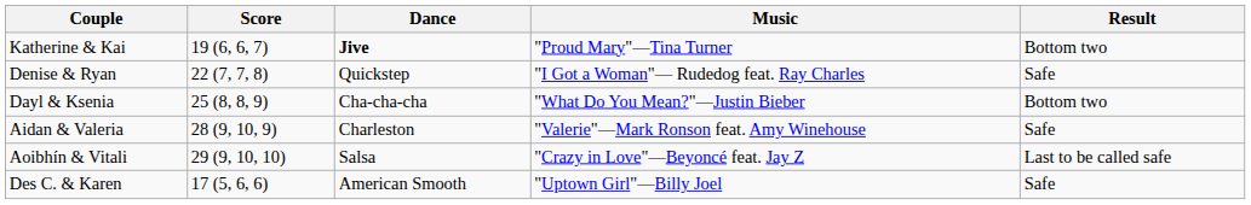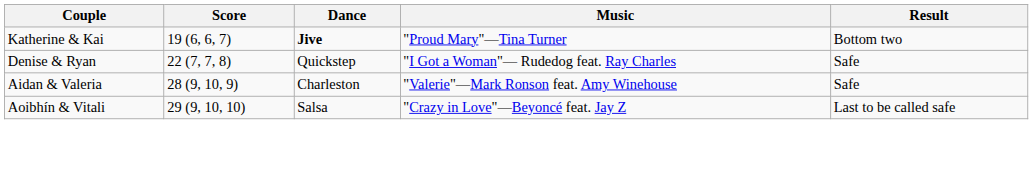 <table class="wikitable" style="width:90%;">
 <tr>
 <th>Couple</th>
 <th>Score</th>
 <th>Dance</th>
 <th>Music</th>
 <th>Result</th>
 </tr>
 <tr>
 <td>Katherine & Kai</td>
 <td>19 (6, 6, 7)</td>
 <td><strong>Jive</strong></td>
 <td>"<a href='#'>Proud Mary</a>"—<a href='#'>Tina Turner</a></td>
 <td>Bottom two</td>
 </tr>
 <tr>
 <td>Denise & Ryan</td>
 <td>22 (7, 7, 8)</td>
 <td>Quickstep</td>
 <td>"<a href='#'>I Got a Woman</a>"— Rudedog feat. <a href='#'>Ray Charles</a></td>
 <td>Safe</td>
 </tr>
 <tr>
-<td>Dayl & Ksenia</td>
-<td>25 (8, 8, 9)</td>
-<td>Cha-cha-cha</td>
-<td>"<a href='#'>What Do You Mean?</a>"—<a href='#'>Justin Bieber</a></td>
-<td>Bottom two</td>
-</tr>
-<tr>
 <td>Aidan & Valeria</td>
 <td>28 (9, 10, 9)</td>
 <td>Charleston</td>
 <td>"<a href='#'>Valerie</a>"—<a href='#'>Mark Ronson</a> feat. <a href='#'>Amy Winehouse</a></td>
 <td>Safe</td>
 </tr>
 <tr>
 <td>Aoibhín & Vitali</td>
 <td>29 (9, 10, 10)</td>
 <td>Salsa</td>
 <td>"<a href='#'>Crazy in Love</a>"—<a href='#'>Beyoncé</a> feat. <a href='#'>Jay Z</a></td>
 <td>Last to be called safe</td>
 </tr>
-<tr>
-<td>Des C. & Karen</td>
-<td>17 (5, 6, 6)</td>
-<td>American Smooth</td>
-<td>"<a href='#'>Uptown Girl</a>"—<a href='#'>Billy Joel</a></td>
-<td>Safe</td>
-</tr>
 </table>
